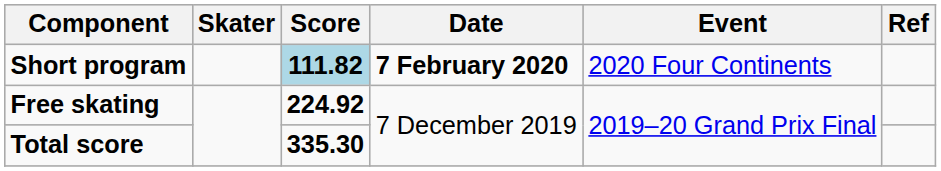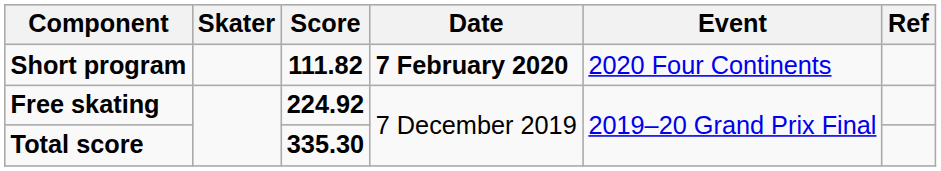 <table class="wikitable">
 <tr>
 <th>Component</th>
 <th>Skater</th>
 <th>Score</th>
 <th>Date</th>
 <th>Event</th>
 <th>Ref</th>
 </tr>
 <tr>
 <td><strong>Short program</strong></td>
 <td></td>
-<td align="center" style="background: lightblue;"><strong>111.82</strong></td>
+<td align="center"><strong>111.82</strong></td>
 <td><strong>7 February 2020</strong></td>
 <td><a href='#'>2020 Four Continents</a></td>
 <td></td>
 </tr>
 <tr>
 <td><strong>Free skating</strong></td>
 <td rowspan=2></td>
 <td align="center"><strong>224.92</strong></td>
 <td rowspan=2>7 December 2019</td>
 <td rowspan=2><a href='#'>2019–20 Grand Prix Final</a></td>
 <td></td>
 </tr>
 <tr>
 <td><strong>Total score</strong></td>
 <td align="center"><strong>335.30</strong></td>
 <td></td>
 </tr>
 </table>
